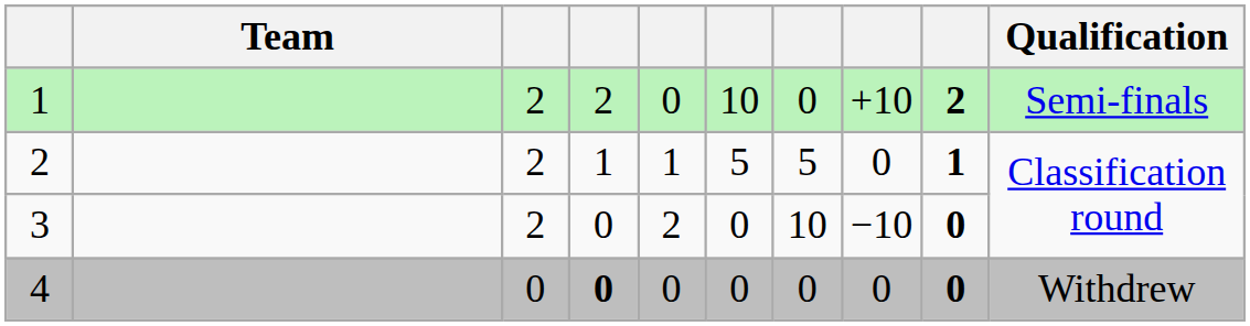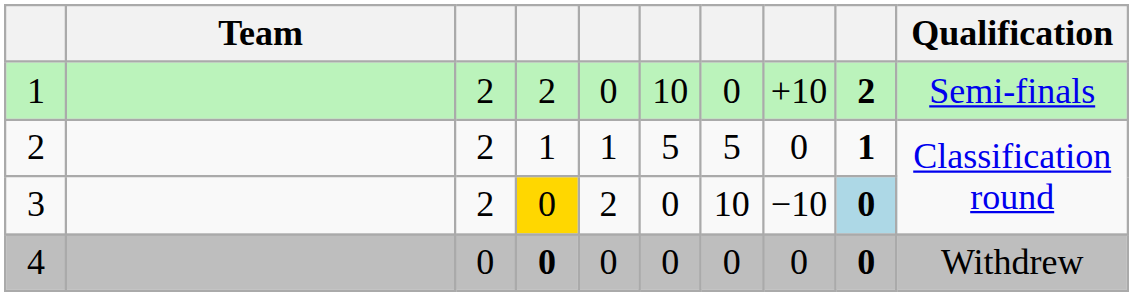 <table class="wikitable" style="text-align:center;">
 <tr>
 <th width=20></th>
 <th width=165>Team</th>
 <th width=20></th>
 <th width=20></th>
 <th width=20></th>
 <th width=20></th>
 <th width=20></th>
 <th width=20></th>
 <th width=20></th>
 <th width=95>Qualification</th>
 </tr>
 <tr bgcolor=bbf3bb>
 <td>1</td>
 <td align="left"></td>
 <td>2</td>
 <td>2</td>
 <td>0</td>
 <td>10</td>
 <td>0</td>
 <td>+10</td>
 <td><strong>2</strong></td>
 <td><a href='#'>Semi-finals</a></td>
 </tr>
 <tr>
 <td>2</td>
 <td align="left"></td>
 <td>2</td>
 <td>1</td>
 <td>1</td>
 <td>5</td>
 <td>5</td>
 <td>0</td>
 <td><strong>1</strong></td>
 <td rowspan="2"><a href='#'>Classification round</a></td>
 </tr>
 <tr>
 <td>3</td>
 <td align="left"></td>
 <td>2</td>
-<td>0</td>
+<td style="background: gold;">0</td>
 <td>2</td>
 <td>0</td>
 <td>10</td>
 <td>−10</td>
-<td><strong>0</strong></td>
+<td style="background: lightblue;"><strong>0</strong></td>
 </tr>
 <tr bgcolor=bebebe>
 <td>4</td>
 <td align="left"></td>
 <td>0</td>
 <td><strong>0</strong></td>
 <td>0</td>
 <td>0</td>
 <td>0</td>
 <td>0</td>
 <td><strong>0</strong></td>
 <td>Withdrew</td>
 </tr>
 </table>
